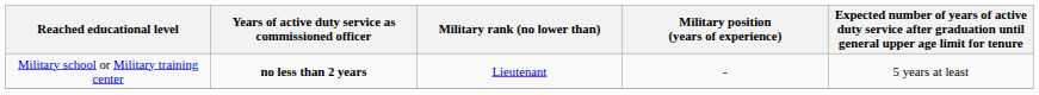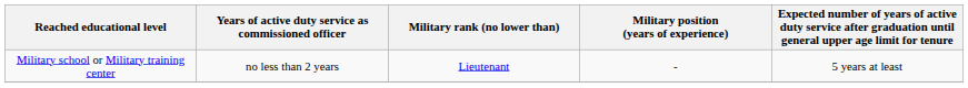 <table class="wikitable">
 <tr>
 <th style="text-align: center; width: 250px;">Reached educational level</th>
 <th style="text-align: center; width: 250px;">Years of active duty service as commissioned officer</th>
 <th style="text-align: center; width: 250px;">Military rank (no lower than)</th>
 <th style="text-align: center; width: 250px;">Military position<br>(years of experience)</th>
 <th style="text-align: center; width: 250px;">Expected number of years of active duty service after graduation until general upper age limit for tenure</th>
 </tr>
 <tr>
 <td style="text-align: center; width: 250px;"><a href='#'>Military school</a> or <a href='#'>Military training center</a></td>
-<td style="text-align: center; width: 250px;"><strong>no less than 2 years</strong></td>
+<td style="text-align: center; width: 250px;">no less than 2 years</td>
 <td style="text-align: center; width: 250px;"><a href='#'>Lieutenant</a></td>
 <td style="text-align: center; width: 250px;">-</td>
 <td style="text-align: center; width: 250px;">5 years at least</td>
 </tr>
 <tr>
 </tr>
 </table>
